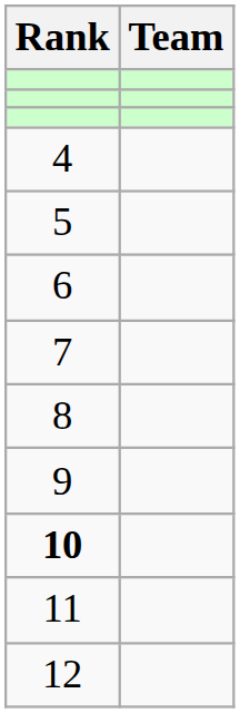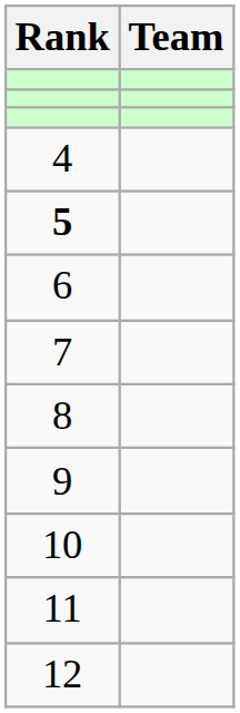 <table class="wikitable">
 <tr>
 <th>Rank</th>
 <th>Team</th>
 </tr>
 <tr bgcolor=#ccffcc>
 <td align=center></td>
 <td></td>
 </tr>
 <tr bgcolor=#ccffcc>
 <td align=center></td>
 <td></td>
 </tr>
 <tr bgcolor=#ccffcc>
 <td align=center></td>
 <td></td>
 </tr>
 <tr>
 <td align=center>4</td>
 <td></td>
 </tr>
 <tr>
-<td align=center>5</td>
+<td align=center><strong>5</strong></td>
 <td></td>
 </tr>
 <tr>
 <td align=center>6</td>
 <td></td>
 </tr>
 <tr>
 <td align=center>7</td>
 <td></td>
 </tr>
 <tr>
 <td align=center>8</td>
 <td></td>
 </tr>
 <tr>
 <td align=center>9</td>
 <td></td>
 </tr>
 <tr>
-<td align=center><strong>10</strong></td>
+<td align=center>10</td>
 <td></td>
 </tr>
 <tr>
 <td align=center>11</td>
 <td></td>
 </tr>
 <tr>
 <td align=center>12</td>
 <td></td>
 </tr>
 </table>
